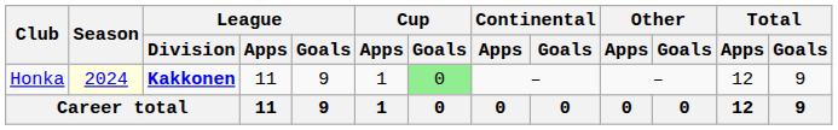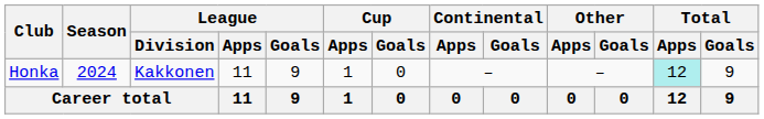 <table class="wikitable" style="text-align:center">
 <tr>
 <th rowspan="2">Club</th>
 <th rowspan="2">Season</th>
 <th colspan="3">League</th>
 <th colspan="2">Cup</th>
 <th colspan="2">Continental</th>
 <th colspan="2">Other</th>
 <th colspan="2">Total</th>
 </tr>
 <tr>
 <th>Division</th>
 <th>Apps</th>
 <th>Goals</th>
 <th>Apps</th>
 <th>Goals</th>
 <th>Apps</th>
 <th>Goals</th>
 <th>Apps</th>
 <th>Goals</th>
 <th>Apps</th>
 <th>Goals</th>
 </tr>
 <tr>
 <td rowspan="1"><a href='#'>Honka</a></td>
-<td style="background: lightyellow;"><a href='#'>2024</a></td>
-<td><strong><a href='#'>Kakkonen</a></strong></td>
+<td><a href='#'>2024</a></td>
+<td><a href='#'>Kakkonen</a></td>
 <td>11</td>
 <td>9</td>
 <td>1</td>
-<td style="background: lightgreen;">0</td>
+<td>0</td>
 <td colspan=2>–</td>
 <td colspan=2>–</td>
-<td>12</td>
+<td style="background: paleturquoise;">12</td>
 <td>9</td>
 </tr>
 <tr>
 <th colspan="3">Career total</th>
 <th>11</th>
 <th>9</th>
 <th>1</th>
 <th>0</th>
 <th>0</th>
 <th>0</th>
 <th>0</th>
 <th>0</th>
 <th>12</th>
 <th>9</th>
 </tr>
 </table>
